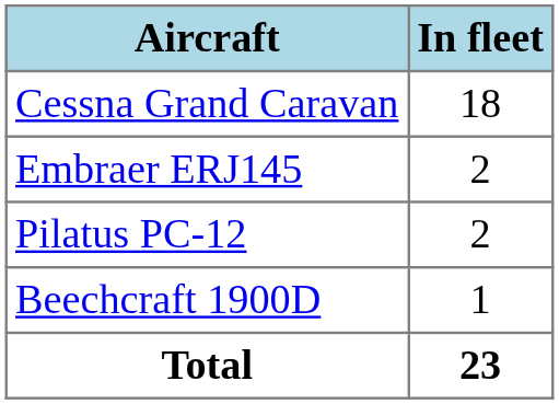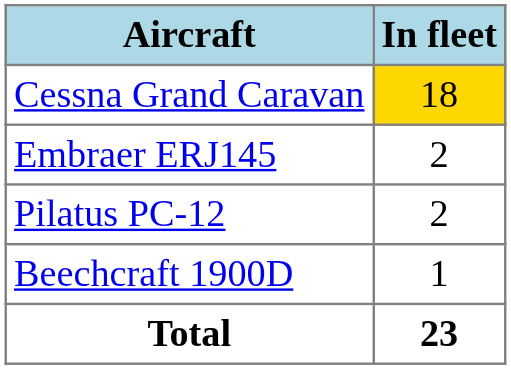 <table class="toccolours" border="1" cellpadding="3" style="white-space:nowrap; border-collapse:collapse; margin:auto;">
 <tr bgcolor="lightblue">
 <th>Aircraft</th>
 <th>In fleet</th>
 </tr>
 <tr>
 <td><a href='#'>Cessna Grand Caravan</a></td>
-<td align="center">18</td>
+<td align="center" style="background: gold;">18</td>
 </tr>
 <tr>
 <td><a href='#'>Embraer ERJ145</a></td>
 <td align="center">2</td>
 </tr>
 <tr>
 <td><a href='#'>Pilatus PC-12</a></td>
 <td align="center">2</td>
 </tr>
 <tr>
 <td><a href='#'>Beechcraft 1900D</a></td>
 <td align="center">1</td>
 </tr>
 <tr>
 <td align="center"><strong>Total</strong></td>
 <td align="center"><strong>23</strong></td>
 </tr>
 </table>
